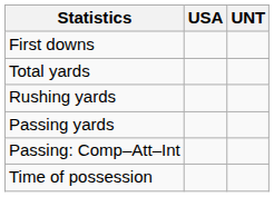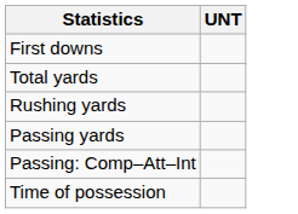 <table class="wikitable" style="float: left;">
 <tr>
 <th>Statistics</th>
-<th>USA</th>
 <th>UNT</th>
 </tr>
 <tr>
 <td>First downs</td>
 <td></td>
-<td></td>
 </tr>
 <tr>
 <td>Total yards</td>
-<td></td>
 <td></td>
 </tr>
 <tr>
 <td>Rushing yards</td>
 <td></td>
-<td></td>
 </tr>
 <tr>
 <td>Passing yards</td>
-<td></td>
 <td></td>
 </tr>
 <tr>
 <td>Passing: Comp–Att–Int</td>
 <td></td>
-<td></td>
 </tr>
 <tr>
 <td>Time of possession</td>
 <td></td>
-<td></td>
 </tr>
 </table>
